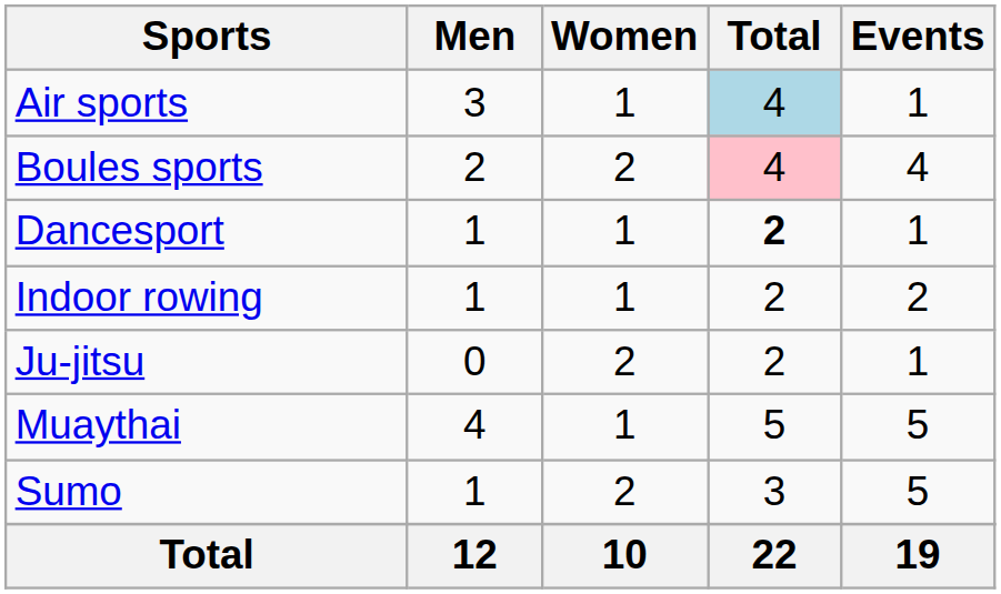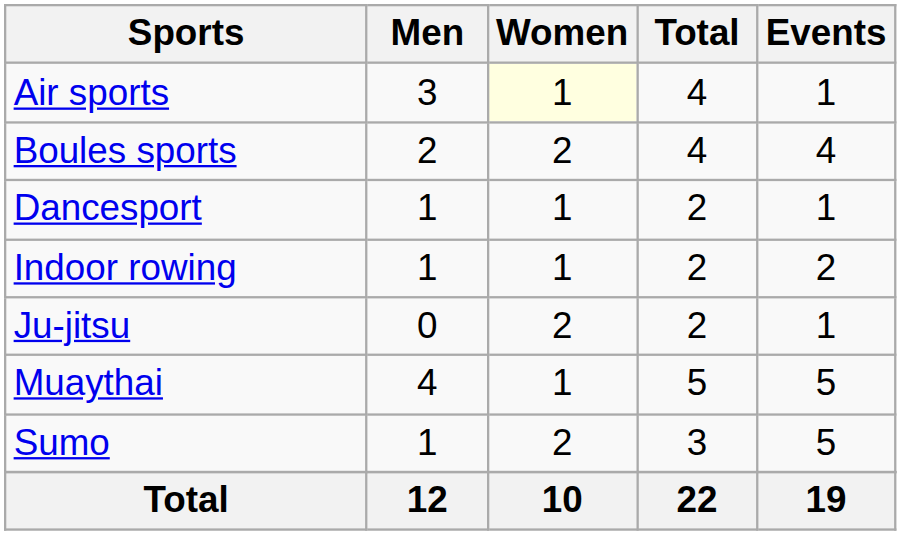 <table class="wikitable sortable" style="text-align:center;">
 <tr>
 <th width=150>Sports</th>
 <th width=45>Men</th>
 <th width=45>Women</th>
 <th width=45>Total</th>
 <th width=45>Events</th>
 </tr>
 <tr>
 <td align=left><a href='#'>Air sports</a></td>
 <td>3</td>
-<td>1</td>
-<td style="background: lightblue;">4</td>
+<td style="background: lightyellow;">1</td>
+<td>4</td>
 <td>1</td>
 </tr>
 <tr>
 <td align=left><a href='#'>Boules sports</a></td>
 <td>2</td>
 <td>2</td>
-<td style="background: pink;">4</td>
+<td>4</td>
 <td>4</td>
 </tr>
 <tr>
 <td align=left><a href='#'>Dancesport</a></td>
 <td>1</td>
 <td>1</td>
-<td><strong>2</strong></td>
+<td>2</td>
 <td>1</td>
 </tr>
 <tr>
 <td align=left><a href='#'>Indoor rowing</a></td>
 <td>1</td>
 <td>1</td>
 <td>2</td>
 <td>2</td>
 </tr>
 <tr>
 <td align=left><a href='#'>Ju-jitsu</a></td>
 <td>0</td>
 <td>2</td>
 <td>2</td>
 <td>1</td>
 </tr>
 <tr>
 <td align=left><a href='#'>Muaythai</a></td>
 <td>4</td>
 <td>1</td>
 <td>5</td>
 <td>5</td>
 </tr>
 <tr>
 <td align=left><a href='#'>Sumo</a></td>
 <td>1</td>
 <td>2</td>
 <td>3</td>
 <td>5</td>
 </tr>
 <tr>
 </tr>
 <tr class="sortbottom">
 <th>Total</th>
 <th>12</th>
 <th>10</th>
 <th>22</th>
 <th>19</th>
 </tr>
 </table>
